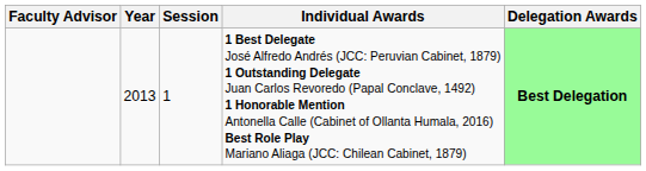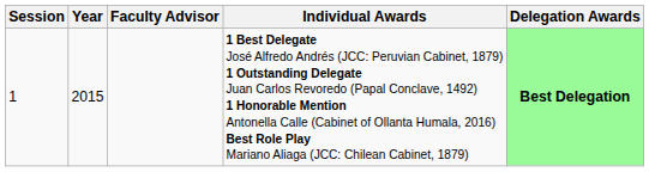 <table class="wikitable sortable">
 <tr>
+<th>Session</th>
+<th>Year</th>
 <th>Faculty Advisor</th>
-<th>Year</th>
-<th>Session</th>
 <th>Individual Awards</th>
 <th>Delegation Awards</th>
 </tr>
 <tr>
+<td>1</td>
+<td>2015</td>
 <td><small></small></td>
-<td>2013</td>
-<td>1</td>
 <td><small><strong>1 Best Delegate</strong><br>José Alfredo Andrés (JCC: Peruvian Cabinet, 1879)<br><strong>1 Outstanding Delegate</strong><br>Juan Carlos Revoredo (Papal Conclave, 1492)<br><strong>1 Honorable Mention</strong><br>Antonella Calle (Cabinet of Ollanta Humala, 2016)<br><strong>Best Role Play</strong><br>Mariano Aliaga (JCC: Chilean Cabinet, 1879)</small></td>
 <td style="background:#98FB98;text-align:center;"><strong>Best Delegation</strong></td>
 </tr>
 </table>
